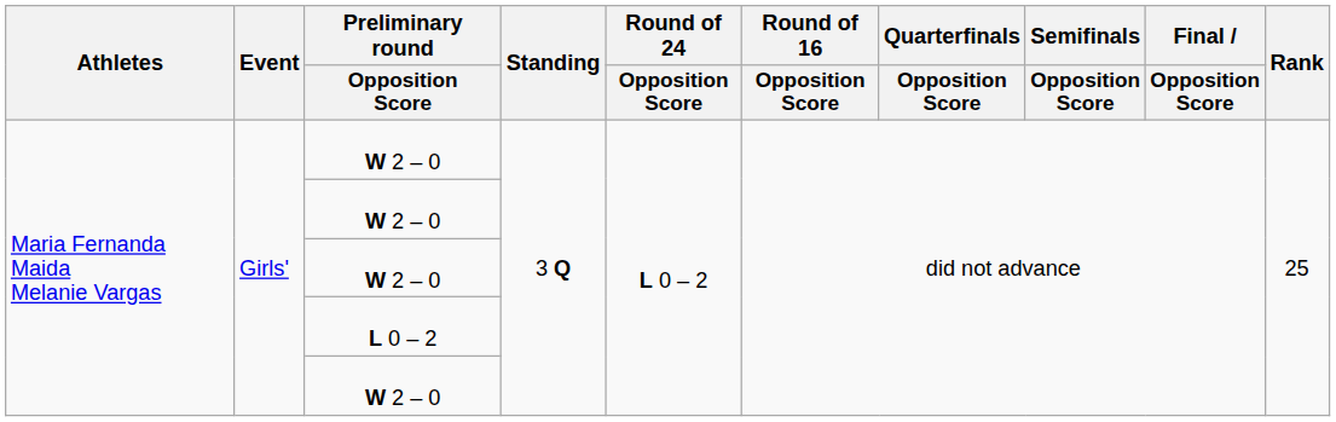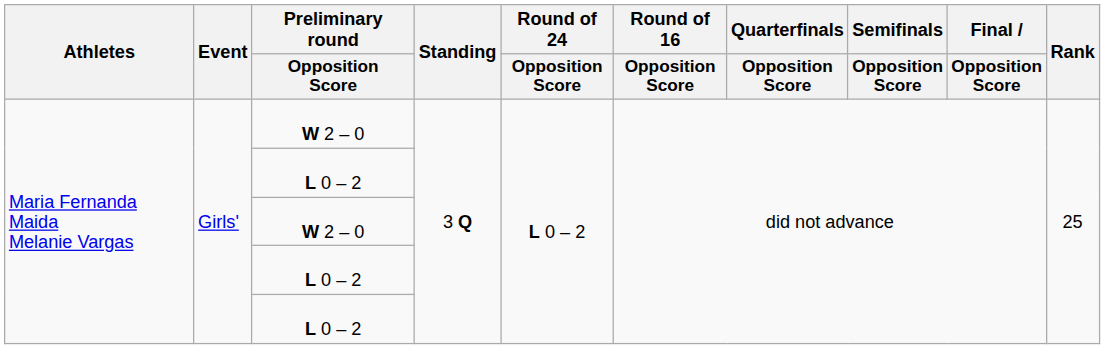 <table class=wikitable style="font-size:90%">
 <tr>
 <th rowspan="2">Athletes</th>
 <th rowspan="2">Event</th>
 <th>Preliminary round</th>
 <th rowspan="2">Standing</th>
 <th>Round of 24</th>
 <th>Round of 16</th>
 <th>Quarterfinals</th>
 <th>Semifinals</th>
 <th>Final / </th>
 <th rowspan=2>Rank</th>
 </tr>
 <tr style="font-size:95%">
 <th>Opposition<br>Score</th>
 <th>Opposition<br>Score</th>
 <th>Opposition<br>Score</th>
 <th>Opposition<br>Score</th>
 <th>Opposition<br>Score</th>
 <th>Opposition<br>Score</th>
 </tr>
 <tr align=center>
 <td align=left rowspan=5><a href='#'>Maria Fernanda Maida</a><br><a href='#'>Melanie Vargas</a></td>
 <td align=left rowspan=5><a href='#'>Girls'</a></td>
 <td><br><strong>W</strong> 2 – 0</td>
 <td rowspan=5>3 <strong>Q</strong></td>
 <td rowspan=5><br><strong>L</strong> 0 – 2</td>
 <td rowspan=5 colspan=4>did not advance</td>
 <td rowspan=5>25</td>
 </tr>
 <tr align=center>
-<td><br><strong>W</strong> 2 – 0</td>
+<td><br><strong>L</strong> 0 – 2</td>
 </tr>
 <tr align=center>
 <td><br><strong>W</strong> 2 – 0</td>
 </tr>
 <tr align=center>
 <td><br><strong>L</strong> 0 – 2</td>
 </tr>
 <tr align=center>
-<td><br><strong>W</strong> 2 – 0</td>
+<td><br><strong>L</strong> 0 – 2</td>
 </tr>
 </table>
